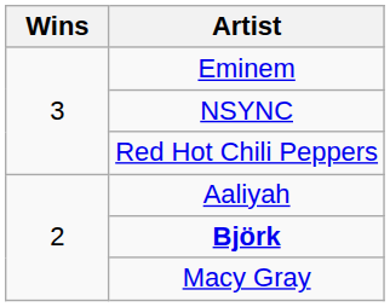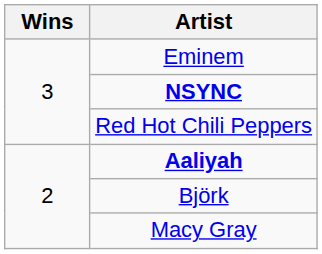 <table class="wikitable" rowspan="2" style="text-align:center">
 <tr>
 <th scope="col" style="width:55px;">Wins</th>
 <th scope="col" style="text-align:center;">Artist</th>
 </tr>
 <tr>
 <td rowspan="3" style="text-align:center">3</td>
 <td><a href='#'>Eminem</a></td>
 </tr>
 <tr>
-<td><a href='#'>NSYNC</a></td>
+<td><strong><a href='#'>NSYNC</a></strong></td>
 </tr>
 <tr>
 <td><a href='#'>Red Hot Chili Peppers</a></td>
 </tr>
 <tr>
 <td rowspan="3" style="text-align:center">2</td>
-<td><a href='#'>Aaliyah</a></td>
+<td><strong><a href='#'>Aaliyah</a></strong></td>
 </tr>
 <tr>
-<td><strong><a href='#'>Björk</a></strong></td>
+<td><a href='#'>Björk</a></td>
 </tr>
 <tr>
 <td><a href='#'>Macy Gray</a></td>
 </tr>
 </table>
